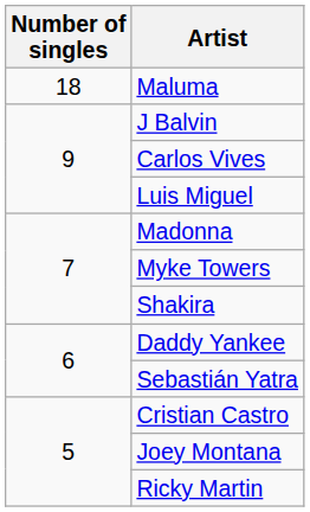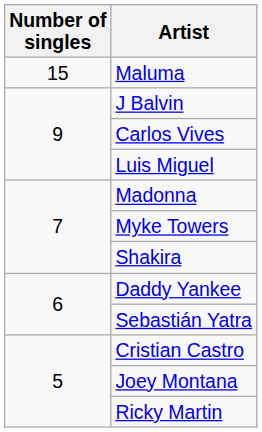 <table class="wikitable" style="font-size:95%;">
 <tr>
 <th>Number of <br> singles</th>
 <th>Artist</th>
 </tr>
 <tr>
-<td style="text-align:center;">18</td>
+<td style="text-align:center;">15</td>
 <td><a href='#'>Maluma</a></td>
 </tr>
 <tr>
 <td rowspan="3" style="text-align:center;">9</td>
 <td><a href='#'>J Balvin</a></td>
 </tr>
 <tr>
 <td><a href='#'>Carlos Vives</a></td>
 </tr>
 <tr>
 <td><a href='#'>Luis Miguel</a></td>
 </tr>
 <tr>
 <td rowspan="3" style="text-align:center;">7</td>
 <td><a href='#'>Madonna</a></td>
 </tr>
 <tr>
 <td><a href='#'>Myke Towers</a></td>
 </tr>
 <tr>
 <td><a href='#'>Shakira</a></td>
 </tr>
 <tr>
 <td rowspan="2" style="text-align:center;">6</td>
 <td><a href='#'>Daddy Yankee</a></td>
 </tr>
 <tr>
 <td><a href='#'>Sebastián Yatra</a></td>
 </tr>
 <tr>
 <td rowspan="3" style="text-align:center;">5</td>
 <td><a href='#'>Cristian Castro</a></td>
 </tr>
 <tr>
 <td><a href='#'>Joey Montana</a></td>
 </tr>
 <tr>
 <td><a href='#'>Ricky Martin</a></td>
 </tr>
 </table>
